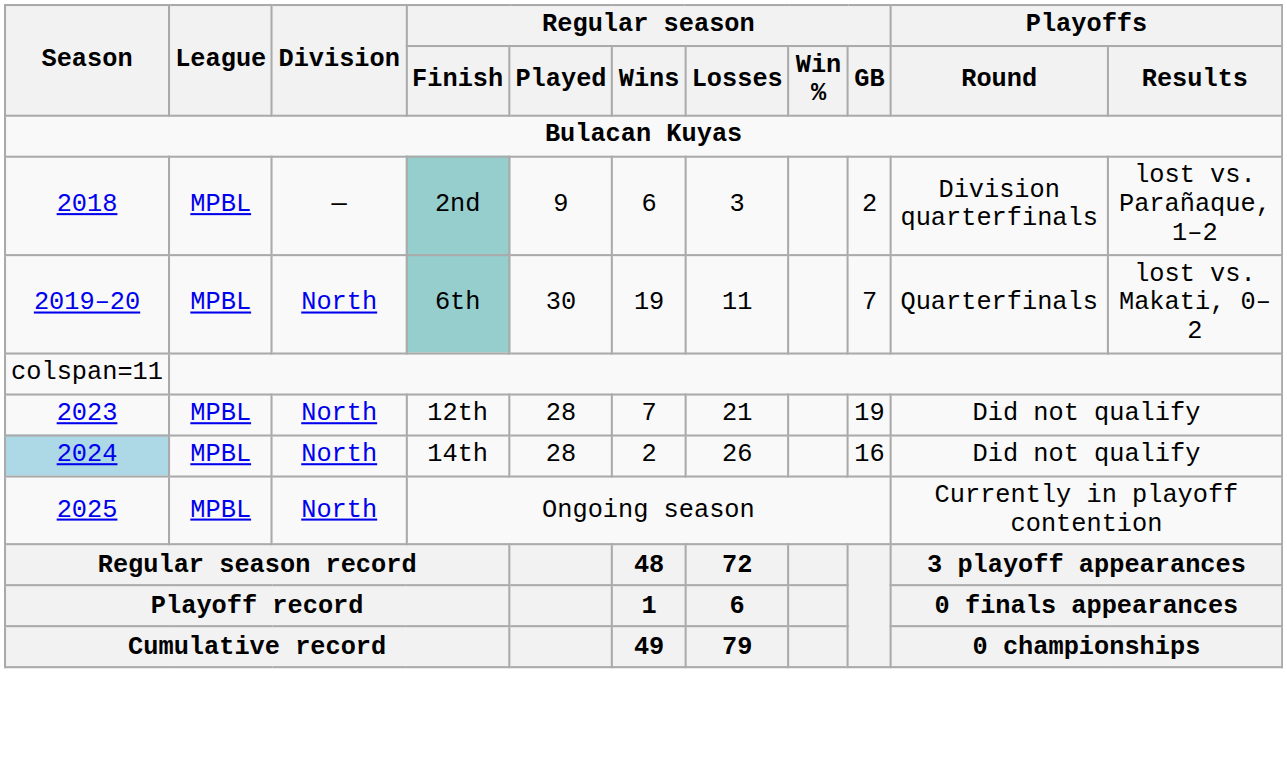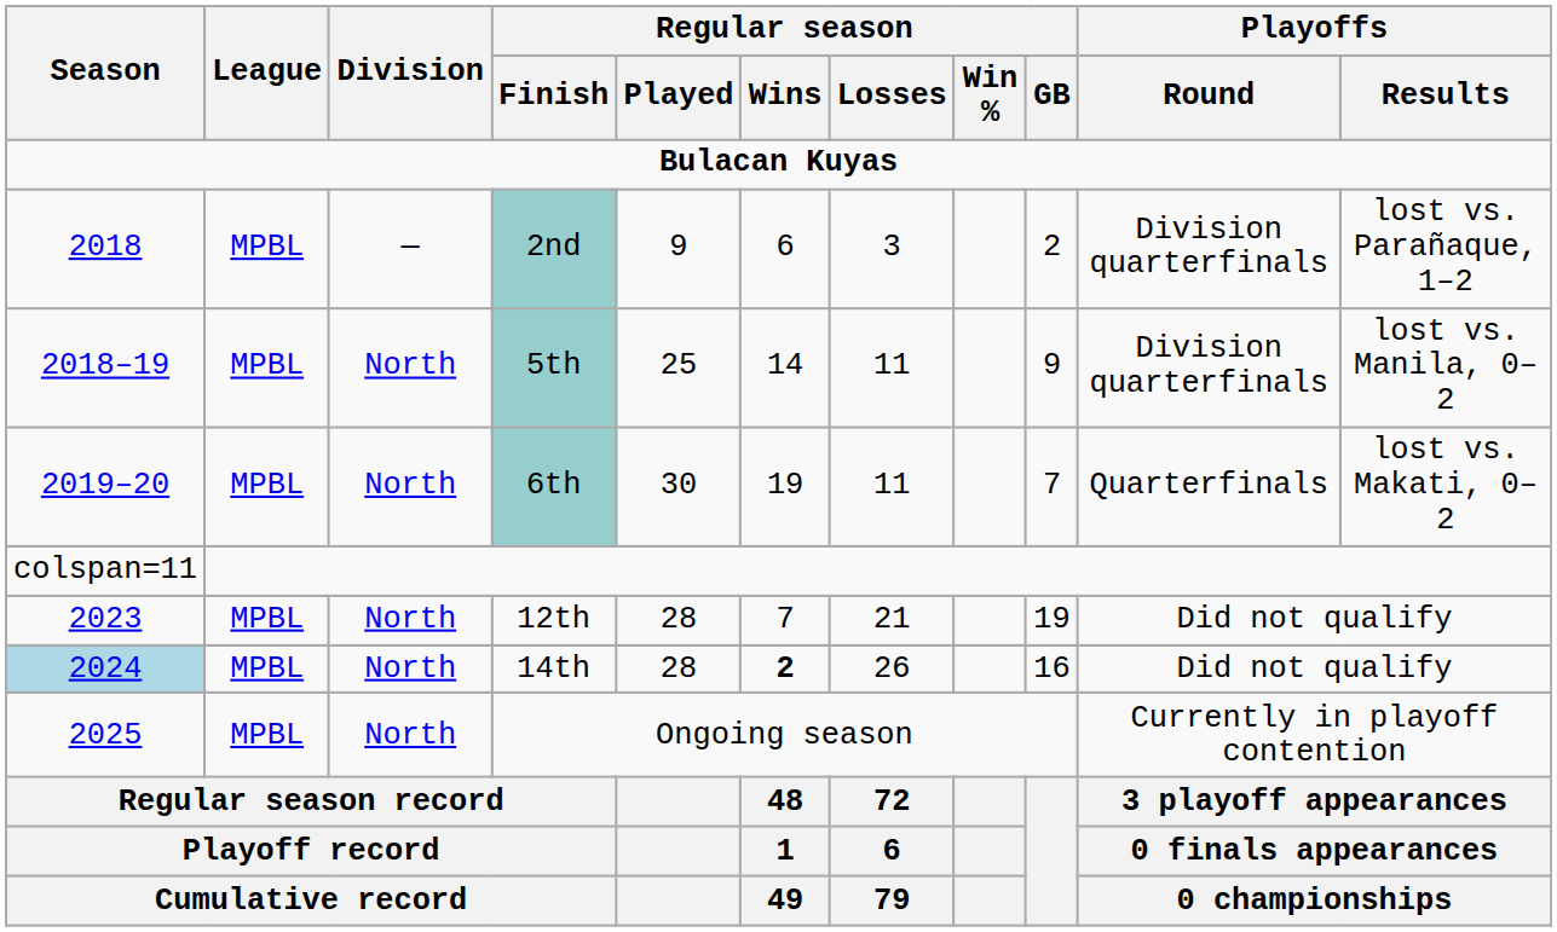 <table class="wikitable" style="width:100%; text-align:center; font-size:95%">
 <tr>
 <th rowspan=2>Season</th>
 <th rowspan=2>League</th>
 <th rowspan=2>Division</th>
 <th colspan=6>Regular season</th>
 <th colspan=2>Playoffs</th>
 </tr>
 <tr>
 <th>Finish</th>
 <th>Played</th>
 <th>Wins</th>
 <th>Losses</th>
 <th>Win %</th>
 <th>GB</th>
 <th>Round</th>
 <th>Results</th>
 </tr>
 <tr>
 <td align="center" colspan="11"><strong>Bulacan Kuyas</strong></td>
 </tr>
 <tr>
 <td><a href='#'>2018</a></td>
 <td><a href='#'>MPBL</a></td>
 <td>—</td>
 <td bgcolor="#96CDCD">2nd</td>
 <td>9</td>
 <td>6</td>
 <td>3</td>
 <td></td>
 <td>2</td>
 <td>Division quarterfinals</td>
 <td>lost vs. Parañaque, 1–2</td>
 </tr>
 <tr>
+<td><a href='#'>2018–19</a></td>
+<td><a href='#'>MPBL</a></td>
+<td><a href='#'>North</a></td>
+<td bgcolor="#96CDCD">5th</td>
+<td>25</td>
+<td>14</td>
+<td>11</td>
+<td></td>
+<td>9</td>
+<td>Division quarterfinals</td>
+<td>lost vs. Manila, 0–2</td>
+</tr>
+<tr>
 <td><a href='#'>2019–20</a></td>
 <td><a href='#'>MPBL</a></td>
 <td><a href='#'>North</a></td>
 <td bgcolor="#96CDCD">6th</td>
 <td>30</td>
 <td>19</td>
 <td>11</td>
 <td></td>
 <td>7</td>
 <td>Quarterfinals</td>
 <td>lost vs. Makati, 0–2</td>
 </tr>
 <tr>
 <td>colspan=11 </td>
 </tr>
 <tr>
 <td><a href='#'>2023</a></td>
 <td><a href='#'>MPBL</a></td>
 <td><a href='#'>North</a></td>
 <td>12th</td>
 <td>28</td>
 <td>7</td>
 <td>21</td>
 <td></td>
 <td>19</td>
 <td colspan=2>Did not qualify</td>
 </tr>
 <tr>
 <td style="background: lightblue;"><a href='#'>2024</a></td>
 <td><a href='#'>MPBL</a></td>
 <td><a href='#'>North</a></td>
 <td>14th</td>
 <td>28</td>
-<td>2</td>
+<td><strong>2</strong></td>
 <td>26</td>
 <td></td>
 <td>16</td>
 <td colspan=2>Did not qualify</td>
 </tr>
 <tr>
 <td><a href='#'>2025</a></td>
 <td><a href='#'>MPBL</a></td>
 <td><a href='#'>North</a></td>
 <td colspan=6>Ongoing season</td>
 <td colspan=2>Currently in playoff contention</td>
 </tr>
 <tr>
 <th colspan=4>Regular season record</th>
 <th></th>
 <th>48</th>
 <th>72</th>
 <th></th>
 <th rowspan=3></th>
 <th colspan=2>3 playoff appearances</th>
 </tr>
 <tr>
 <th colspan=4>Playoff record</th>
 <th></th>
 <th>1</th>
 <th>6</th>
 <th></th>
 <th colspan=2>0 finals appearances</th>
 </tr>
 <tr>
 <th colspan=4>Cumulative record</th>
 <th></th>
 <th>49</th>
 <th>79</th>
 <th></th>
 <th colspan=2>0 championships</th>
 </tr>
 </table>
